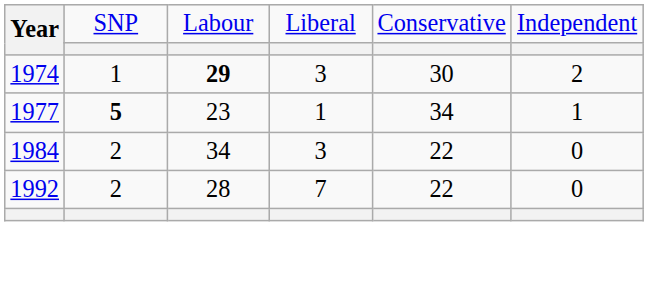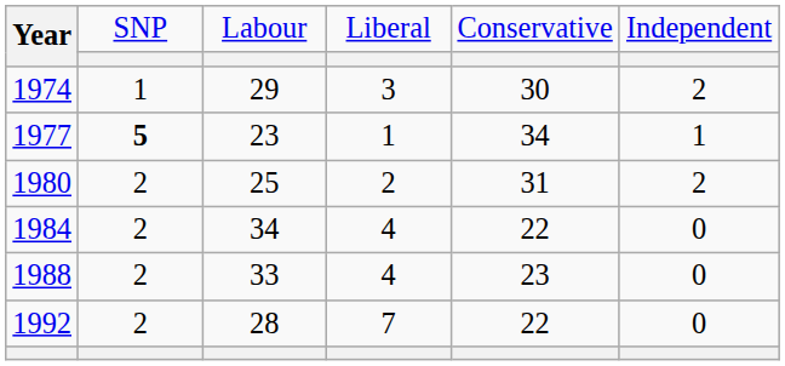 <table class=wikitable style=text-align:center>
 <tr>
 <th rowspan=2>Year</th>
 <td width="60"><a href='#'>SNP</a></td>
 <td width="60"><a href='#'>Labour</a></td>
 <td width="60"><a href='#'>Liberal</a></td>
 <td width="60"><a href='#'>Conservative</a></td>
 <td width="60"><a href='#'>Independent</a></td>
 </tr>
 <tr>
 <th style="background-color: "></th>
 <th style="background-color: "></th>
 <th style="background-color: "></th>
 <th style="background-color: "></th>
 <th style="background-color: "></th>
 </tr>
 <tr>
 <td><a href='#'>1974</a></td>
 <td>1</td>
-<td><strong>29</strong></td>
+<td>29</td>
 <td>3</td>
 <td>30</td>
 <td>2</td>
 </tr>
 <tr>
 <td><a href='#'>1977</a></td>
 <td><strong>5</strong></td>
 <td>23</td>
 <td>1</td>
 <td>34</td>
 <td>1</td>
 </tr>
 <tr>
+<td><a href='#'>1980</a></td>
+<td>2</td>
+<td>25</td>
+<td>2</td>
+<td>31</td>
+<td>2</td>
+</tr>
+<tr>
 <td><a href='#'>1984</a></td>
 <td>2</td>
 <td>34</td>
-<td>3</td>
+<td>4</td>
 <td>22</td>
+<td>0</td>
+</tr>
+<tr>
+<td><a href='#'>1988</a></td>
+<td>2</td>
+<td>33</td>
+<td>4</td>
+<td>23</td>
 <td>0</td>
 </tr>
 <tr>
 <td><a href='#'>1992</a></td>
 <td>2</td>
 <td>28</td>
 <td>7</td>
 <td>22</td>
 <td>0</td>
 </tr>
 <tr>
 <th></th>
 <th style="background-color: "></th>
 <th style="background-color: "></th>
 <th style="background-color: "></th>
 <th style="background-color: "></th>
 <th style="background-color: "></th>
 </tr>
 </table>
